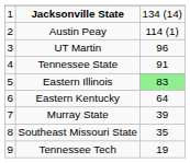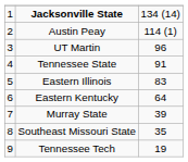 <table class="wikitable" style="display: inline-table;">
 <tr align="center">
 </tr>
 <tr align="center">
 <td>1</td>
 <td><strong>Jacksonville State</strong></td>
 <td>134 (14)</td>
 </tr>
 <tr align="center">
 <td>2</td>
 <td>Austin Peay</td>
 <td>114 (1)</td>
 </tr>
 <tr align="center">
 <td>3</td>
 <td>UT Martin</td>
 <td>96</td>
 </tr>
 <tr align="center">
 <td>4</td>
 <td>Tennessee State</td>
 <td>91</td>
 </tr>
 <tr align="center">
 <td>5</td>
 <td>Eastern Illinois</td>
-<td style="background: lightgreen;">83</td>
+<td>83</td>
 </tr>
 <tr align="center">
 <td>6</td>
 <td>Eastern Kentucky</td>
 <td>64</td>
 </tr>
 <tr align="center">
 <td>7</td>
 <td>Murray State</td>
 <td>39</td>
 </tr>
 <tr align="center">
 <td>8</td>
 <td>Southeast Missouri State</td>
 <td>35</td>
 </tr>
 <tr align="center">
 <td>9</td>
 <td>Tennessee Tech</td>
 <td>19</td>
 </tr>
 </table>
